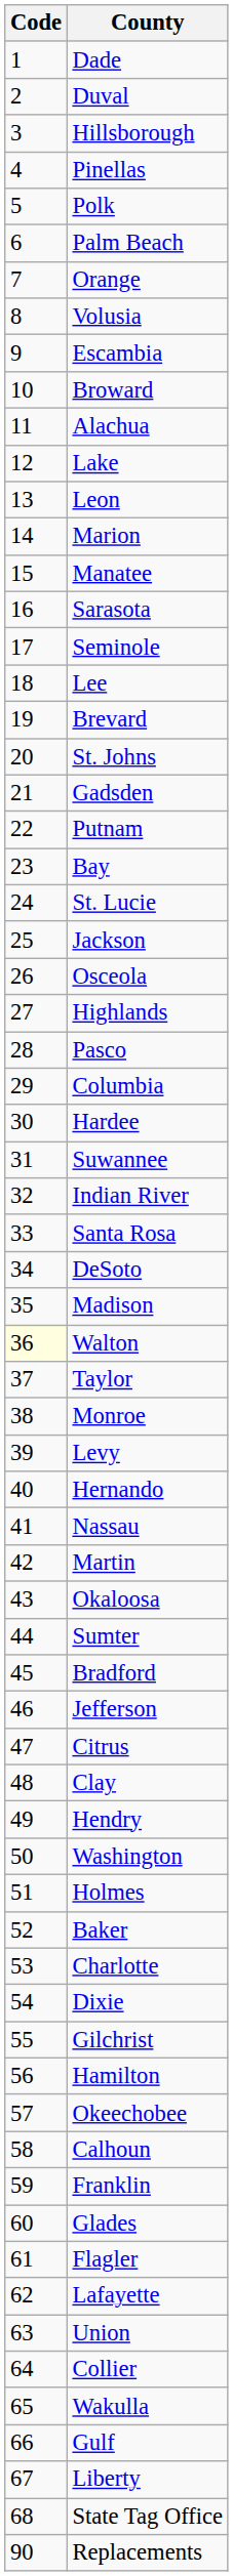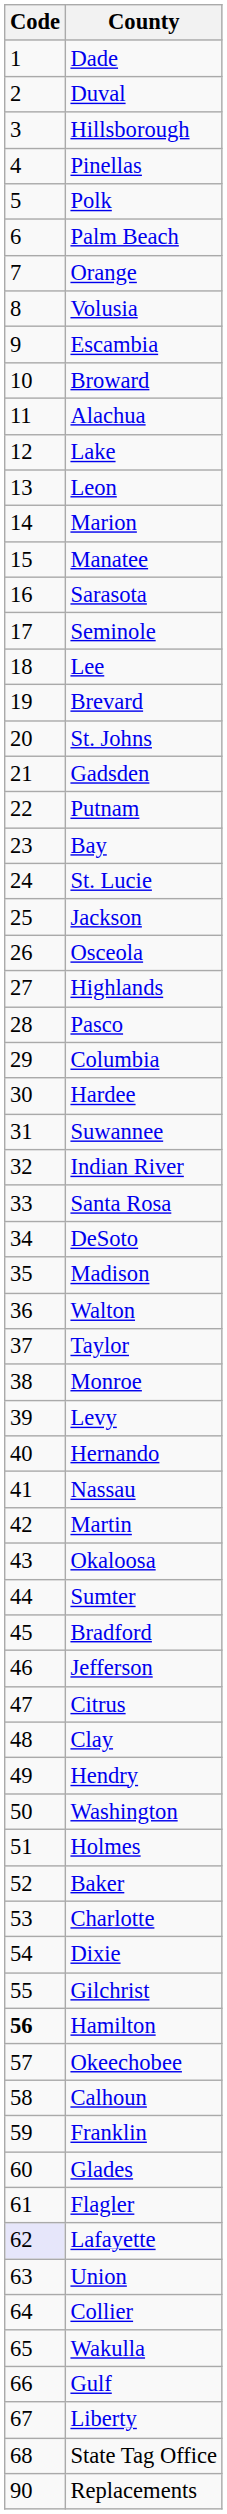 <table class="wikitable collapsible collapsed sortable">
 <tr>
 <th>Code</th>
 <th>County</th>
 </tr>
 <tr>
 <td>1</td>
 <td><a href='#'>Dade</a></td>
 </tr>
 <tr>
 <td>2</td>
 <td><a href='#'>Duval</a></td>
 </tr>
 <tr>
 <td>3</td>
 <td><a href='#'>Hillsborough</a></td>
 </tr>
 <tr>
 <td>4</td>
 <td><a href='#'>Pinellas</a></td>
 </tr>
 <tr>
 <td>5</td>
 <td><a href='#'>Polk</a></td>
 </tr>
 <tr>
 <td>6</td>
 <td><a href='#'>Palm Beach</a></td>
 </tr>
 <tr>
 <td>7</td>
 <td><a href='#'>Orange</a></td>
 </tr>
 <tr>
 <td>8</td>
 <td><a href='#'>Volusia</a></td>
 </tr>
 <tr>
 <td>9</td>
 <td><a href='#'>Escambia</a></td>
 </tr>
 <tr>
 <td>10</td>
 <td><a href='#'>Broward</a></td>
 </tr>
 <tr>
 <td>11</td>
 <td><a href='#'>Alachua</a></td>
 </tr>
 <tr>
 <td>12</td>
 <td><a href='#'>Lake</a></td>
 </tr>
 <tr>
 <td>13</td>
 <td><a href='#'>Leon</a></td>
 </tr>
 <tr>
 <td>14</td>
 <td><a href='#'>Marion</a></td>
 </tr>
 <tr>
 <td>15</td>
 <td><a href='#'>Manatee</a></td>
 </tr>
 <tr>
 <td>16</td>
 <td><a href='#'>Sarasota</a></td>
 </tr>
 <tr>
 <td>17</td>
 <td><a href='#'>Seminole</a></td>
 </tr>
 <tr>
 <td>18</td>
 <td><a href='#'>Lee</a></td>
 </tr>
 <tr>
 <td>19</td>
 <td><a href='#'>Brevard</a></td>
 </tr>
 <tr>
 <td>20</td>
 <td><a href='#'>St. Johns</a></td>
 </tr>
 <tr>
 <td>21</td>
 <td><a href='#'>Gadsden</a></td>
 </tr>
 <tr>
 <td>22</td>
 <td><a href='#'>Putnam</a></td>
 </tr>
 <tr>
 <td>23</td>
 <td><a href='#'>Bay</a></td>
 </tr>
 <tr>
 <td>24</td>
 <td><a href='#'>St. Lucie</a></td>
 </tr>
 <tr>
 <td>25</td>
 <td><a href='#'>Jackson</a></td>
 </tr>
 <tr>
 <td>26</td>
 <td><a href='#'>Osceola</a></td>
 </tr>
 <tr>
 <td>27</td>
 <td><a href='#'>Highlands</a></td>
 </tr>
 <tr>
 <td>28</td>
 <td><a href='#'>Pasco</a></td>
 </tr>
 <tr>
 <td>29</td>
 <td><a href='#'>Columbia</a></td>
 </tr>
 <tr>
 <td>30</td>
 <td><a href='#'>Hardee</a></td>
 </tr>
 <tr>
 <td>31</td>
 <td><a href='#'>Suwannee</a></td>
 </tr>
 <tr>
 <td>32</td>
 <td><a href='#'>Indian River</a></td>
 </tr>
 <tr>
 <td>33</td>
 <td><a href='#'>Santa Rosa</a></td>
 </tr>
 <tr>
 <td>34</td>
 <td><a href='#'>DeSoto</a></td>
 </tr>
 <tr>
 <td>35</td>
 <td><a href='#'>Madison</a></td>
 </tr>
 <tr>
-<td style="background: lightyellow;">36</td>
+<td>36</td>
 <td><a href='#'>Walton</a></td>
 </tr>
 <tr>
 <td>37</td>
 <td><a href='#'>Taylor</a></td>
 </tr>
 <tr>
 <td>38</td>
 <td><a href='#'>Monroe</a></td>
 </tr>
 <tr>
 <td>39</td>
 <td><a href='#'>Levy</a></td>
 </tr>
 <tr>
 <td>40</td>
 <td><a href='#'>Hernando</a></td>
 </tr>
 <tr>
 <td>41</td>
 <td><a href='#'>Nassau</a></td>
 </tr>
 <tr>
 <td>42</td>
 <td><a href='#'>Martin</a></td>
 </tr>
 <tr>
 <td>43</td>
 <td><a href='#'>Okaloosa</a></td>
 </tr>
 <tr>
 <td>44</td>
 <td><a href='#'>Sumter</a></td>
 </tr>
 <tr>
 <td>45</td>
 <td><a href='#'>Bradford</a></td>
 </tr>
 <tr>
 <td>46</td>
 <td><a href='#'>Jefferson</a></td>
 </tr>
 <tr>
 <td>47</td>
 <td><a href='#'>Citrus</a></td>
 </tr>
 <tr>
 <td>48</td>
 <td><a href='#'>Clay</a></td>
 </tr>
 <tr>
 <td>49</td>
 <td><a href='#'>Hendry</a></td>
 </tr>
 <tr>
 <td>50</td>
 <td><a href='#'>Washington</a></td>
 </tr>
 <tr>
 <td>51</td>
 <td><a href='#'>Holmes</a></td>
 </tr>
 <tr>
 <td>52</td>
 <td><a href='#'>Baker</a></td>
 </tr>
 <tr>
 <td>53</td>
 <td><a href='#'>Charlotte</a></td>
 </tr>
 <tr>
 <td>54</td>
 <td><a href='#'>Dixie</a></td>
 </tr>
 <tr>
 <td>55</td>
 <td><a href='#'>Gilchrist</a></td>
 </tr>
 <tr>
-<td>56</td>
+<td><strong>56</strong></td>
 <td><a href='#'>Hamilton</a></td>
 </tr>
 <tr>
 <td>57</td>
 <td><a href='#'>Okeechobee</a></td>
 </tr>
 <tr>
 <td>58</td>
 <td><a href='#'>Calhoun</a></td>
 </tr>
 <tr>
 <td>59</td>
 <td><a href='#'>Franklin</a></td>
 </tr>
 <tr>
 <td>60</td>
 <td><a href='#'>Glades</a></td>
 </tr>
 <tr>
 <td>61</td>
 <td><a href='#'>Flagler</a></td>
 </tr>
 <tr>
-<td>62</td>
+<td style="background: lavender;">62</td>
 <td><a href='#'>Lafayette</a></td>
 </tr>
 <tr>
 <td>63</td>
 <td><a href='#'>Union</a></td>
 </tr>
 <tr>
 <td>64</td>
 <td><a href='#'>Collier</a></td>
 </tr>
 <tr>
 <td>65</td>
 <td><a href='#'>Wakulla</a></td>
 </tr>
 <tr>
 <td>66</td>
 <td><a href='#'>Gulf</a></td>
 </tr>
 <tr>
 <td>67</td>
 <td><a href='#'>Liberty</a></td>
 </tr>
 <tr>
 <td>68</td>
 <td>State Tag Office</td>
 </tr>
 <tr>
 <td>90</td>
 <td>Replacements</td>
 </tr>
 </table>
